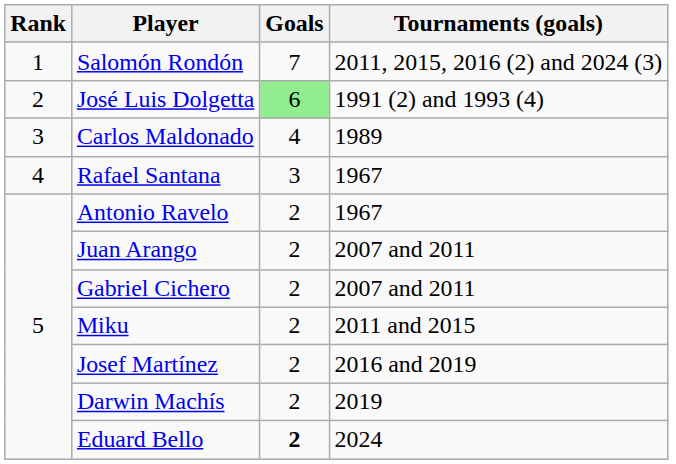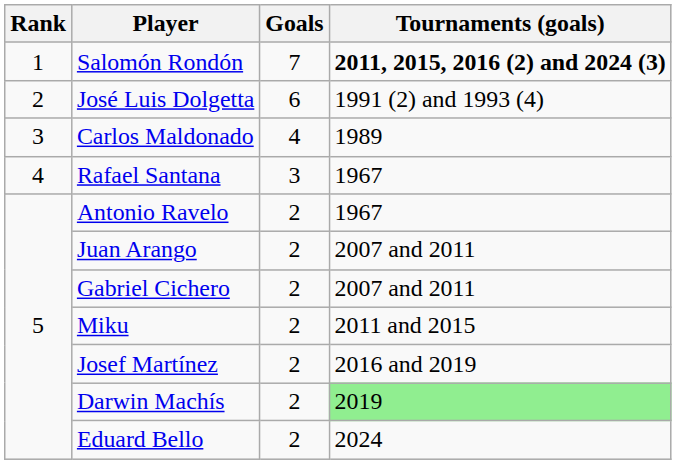 <table class="wikitable" style="text-align: left;">
 <tr>
 <th>Rank</th>
 <th>Player</th>
 <th>Goals</th>
 <th>Tournaments (goals)</th>
 </tr>
 <tr>
 <td align=center>1</td>
 <td><a href='#'>Salomón Rondón</a></td>
 <td align=center>7</td>
-<td>2011, 2015, 2016 (2) and 2024 (3)</td>
+<td><strong>2011, 2015, 2016 (2) and 2024 (3)</strong></td>
 </tr>
 <tr>
 <td align=center>2</td>
 <td><a href='#'>José Luis Dolgetta</a></td>
-<td align=center style="background: lightgreen;">6</td>
+<td align=center>6</td>
 <td>1991 (2) and 1993 (4)</td>
 </tr>
 <tr>
 <td align=center>3</td>
 <td><a href='#'>Carlos Maldonado</a></td>
 <td align=center>4</td>
 <td>1989</td>
 </tr>
 <tr>
 <td align=center>4</td>
 <td><a href='#'>Rafael Santana</a></td>
 <td align=center>3</td>
 <td>1967</td>
 </tr>
 <tr>
 <td rowspan=7 align=center>5</td>
 <td><a href='#'>Antonio Ravelo</a></td>
 <td align=center>2</td>
 <td>1967</td>
 </tr>
 <tr>
 <td><a href='#'>Juan Arango</a></td>
 <td align=center>2</td>
 <td>2007 and 2011</td>
 </tr>
 <tr>
 <td><a href='#'>Gabriel Cichero</a></td>
 <td align=center>2</td>
 <td>2007 and 2011</td>
 </tr>
 <tr>
 <td><a href='#'>Miku</a></td>
 <td align=center>2</td>
 <td>2011 and 2015</td>
 </tr>
 <tr>
 <td><a href='#'>Josef Martínez</a></td>
 <td align=center>2</td>
 <td>2016 and 2019</td>
 </tr>
 <tr>
 <td><a href='#'>Darwin Machís</a></td>
 <td align=center>2</td>
-<td>2019</td>
+<td style="background: lightgreen;">2019</td>
 </tr>
 <tr>
 <td><a href='#'>Eduard Bello</a></td>
-<td align=center><strong>2</strong></td>
+<td align=center>2</td>
 <td>2024</td>
 </tr>
 </table>
